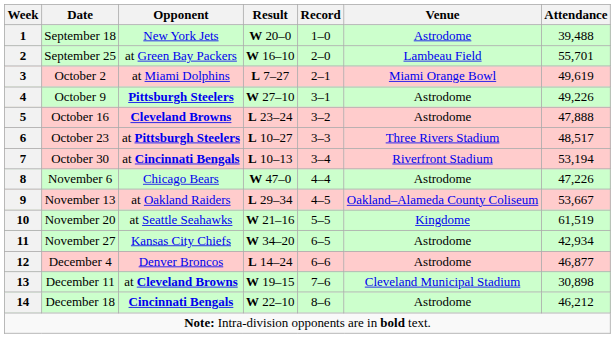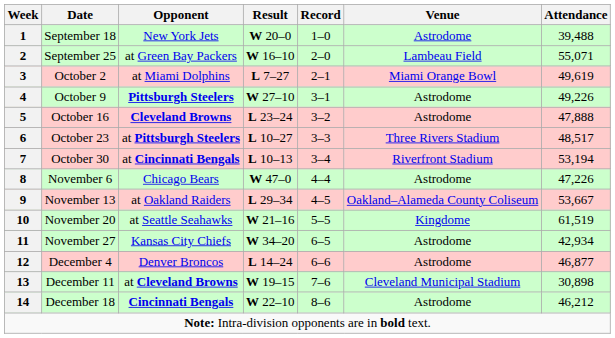 <table class="wikitable" style="text-align:center">
 <tr>
 <th>Week</th>
 <th>Date</th>
 <th>Opponent</th>
 <th>Result</th>
 <th>Record</th>
 <th>Venue</th>
 <th>Attendance</th>
 </tr>
 <tr style="background:#cfc">
 <th>1</th>
 <td>September 18</td>
 <td><a href='#'>New York Jets</a></td>
 <td><strong>W</strong> 20–0</td>
 <td>1–0</td>
 <td><a href='#'>Astrodome</a></td>
 <td>39,488</td>
 </tr>
 <tr style="background:#cfc">
 <th>2</th>
 <td>September 25</td>
 <td>at <a href='#'>Green Bay Packers</a></td>
 <td><strong>W</strong> 16–10</td>
 <td>2–0</td>
 <td><a href='#'>Lambeau Field</a></td>
-<td>55,701</td>
+<td>55,071</td>
 </tr>
 <tr style="background:#fcc">
 <th>3</th>
 <td>October 2</td>
 <td>at <a href='#'>Miami Dolphins</a></td>
 <td><strong>L</strong> 7–27</td>
 <td>2–1</td>
 <td><a href='#'>Miami Orange Bowl</a></td>
 <td>49,619</td>
 </tr>
 <tr style="background:#cfc">
 <th>4</th>
 <td>October 9</td>
 <td><strong><a href='#'>Pittsburgh Steelers</a></strong></td>
 <td><strong>W</strong> 27–10</td>
 <td>3–1</td>
 <td>Astrodome</td>
 <td>49,226</td>
 </tr>
 <tr style="background:#fcc">
 <th>5</th>
 <td>October 16</td>
 <td><strong><a href='#'>Cleveland Browns</a></strong></td>
 <td><strong>L</strong> 23–24</td>
 <td>3–2</td>
 <td>Astrodome</td>
 <td>47,888</td>
 </tr>
 <tr style="background:#fcc">
 <th>6</th>
 <td>October 23</td>
 <td>at <strong><a href='#'>Pittsburgh Steelers</a></strong></td>
 <td><strong>L</strong> 10–27</td>
 <td>3–3</td>
 <td><a href='#'>Three Rivers Stadium</a></td>
 <td>48,517</td>
 </tr>
 <tr style="background:#fcc">
 <th>7</th>
 <td>October 30</td>
 <td>at <strong><a href='#'>Cincinnati Bengals</a></strong></td>
 <td><strong>L</strong> 10–13</td>
 <td>3–4</td>
 <td><a href='#'>Riverfront Stadium</a></td>
 <td>53,194</td>
 </tr>
 <tr style="background:#cfc">
 <th>8</th>
 <td>November 6</td>
 <td><a href='#'>Chicago Bears</a></td>
 <td><strong>W</strong> 47–0</td>
 <td>4–4</td>
 <td>Astrodome</td>
 <td>47,226</td>
 </tr>
 <tr style="background:#fcc">
 <th>9</th>
 <td>November 13</td>
 <td>at <a href='#'>Oakland Raiders</a></td>
 <td><strong>L</strong> 29–34</td>
 <td>4–5</td>
 <td><a href='#'>Oakland–Alameda County Coliseum</a></td>
 <td>53,667</td>
 </tr>
 <tr style="background:#cfc">
 <th>10</th>
 <td>November 20</td>
 <td>at <a href='#'>Seattle Seahawks</a></td>
 <td><strong>W</strong> 21–16</td>
 <td>5–5</td>
 <td><a href='#'>Kingdome</a></td>
 <td>61,519</td>
 </tr>
 <tr style="background:#cfc">
 <th>11</th>
 <td>November 27</td>
 <td><a href='#'>Kansas City Chiefs</a></td>
 <td><strong>W</strong> 34–20</td>
 <td>6–5</td>
 <td>Astrodome</td>
 <td>42,934</td>
 </tr>
 <tr style="background:#fcc">
 <th>12</th>
 <td>December 4</td>
 <td><a href='#'>Denver Broncos</a></td>
 <td><strong>L</strong> 14–24</td>
 <td>6–6</td>
 <td>Astrodome</td>
 <td>46,877</td>
 </tr>
 <tr style="background:#cfc">
 <th>13</th>
 <td>December 11</td>
 <td>at <strong><a href='#'>Cleveland Browns</a></strong></td>
 <td><strong>W</strong> 19–15</td>
 <td>7–6</td>
 <td><a href='#'>Cleveland Municipal Stadium</a></td>
 <td>30,898</td>
 </tr>
 <tr style="background:#cfc">
 <th>14</th>
 <td>December 18</td>
 <td><strong><a href='#'>Cincinnati Bengals</a></strong></td>
 <td><strong>W</strong> 22–10</td>
 <td>8–6</td>
 <td>Astrodome</td>
 <td>46,212</td>
 </tr>
 <tr>
 <td colspan="8"><strong>Note:</strong> Intra-division opponents are in <strong>bold</strong> text.</td>
 </tr>
 </table>
